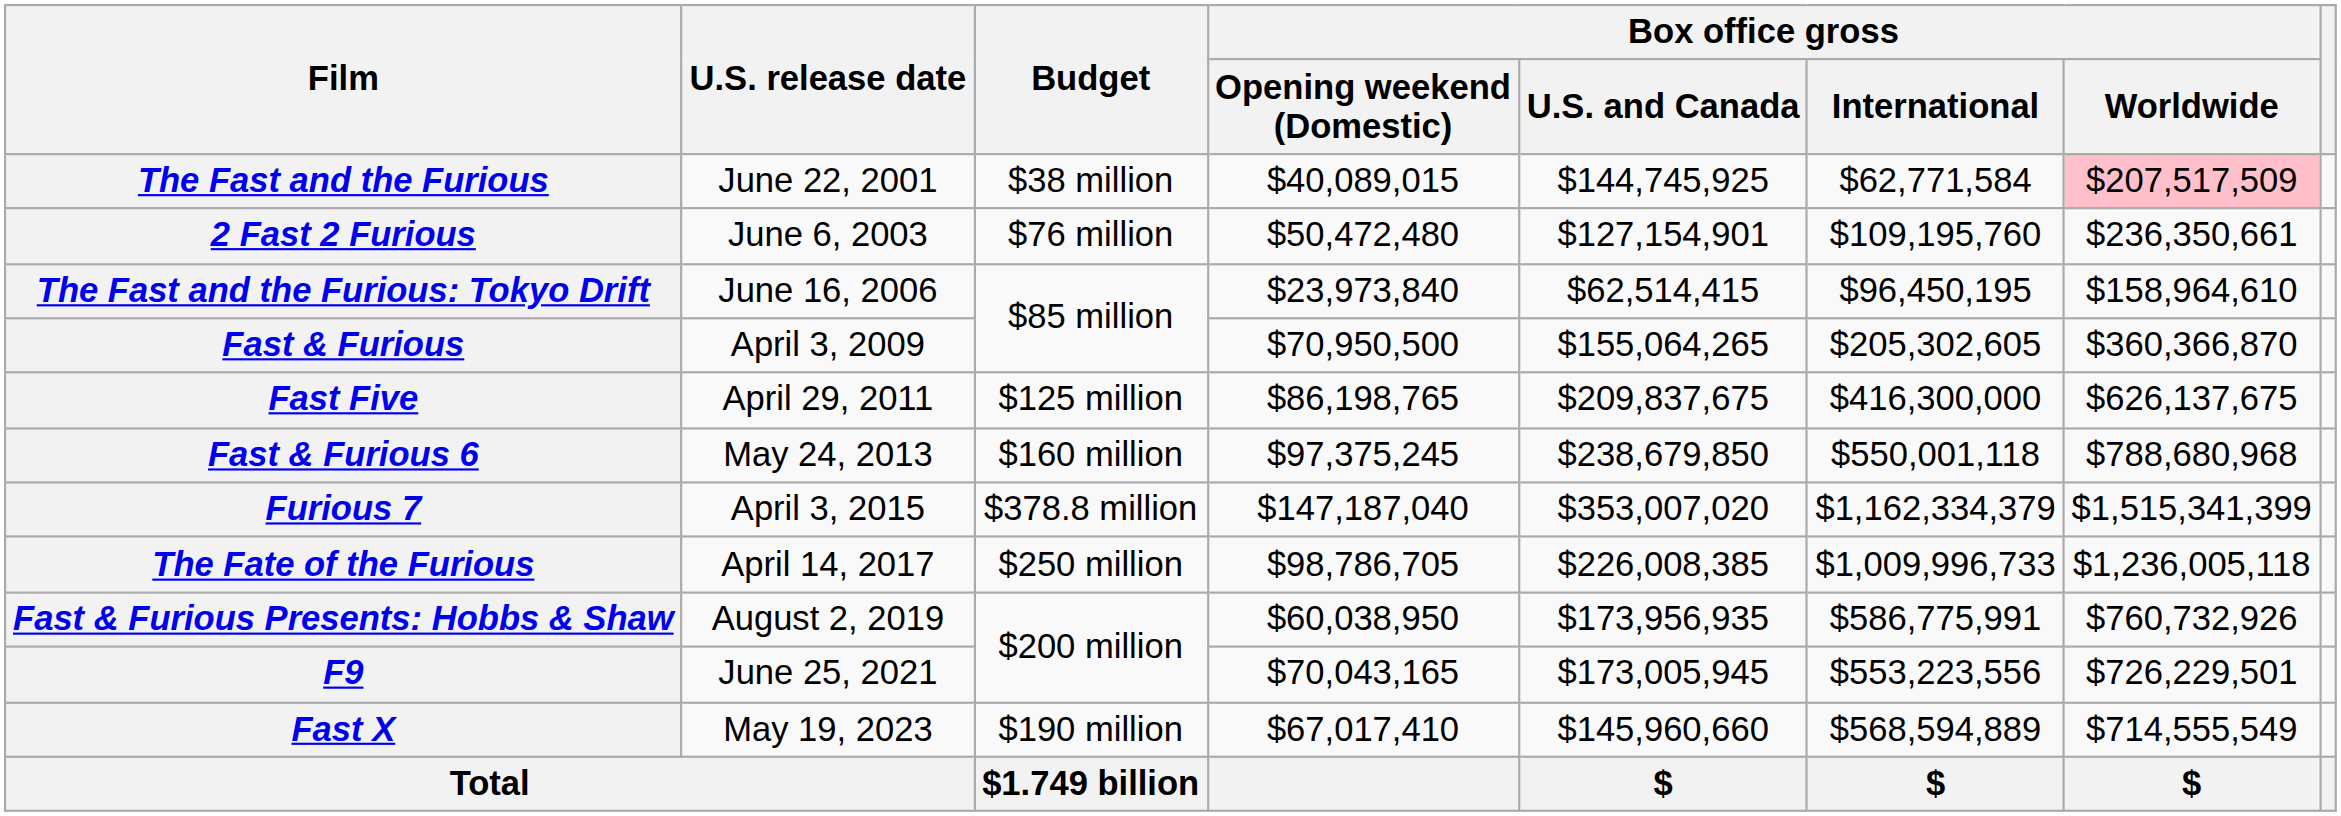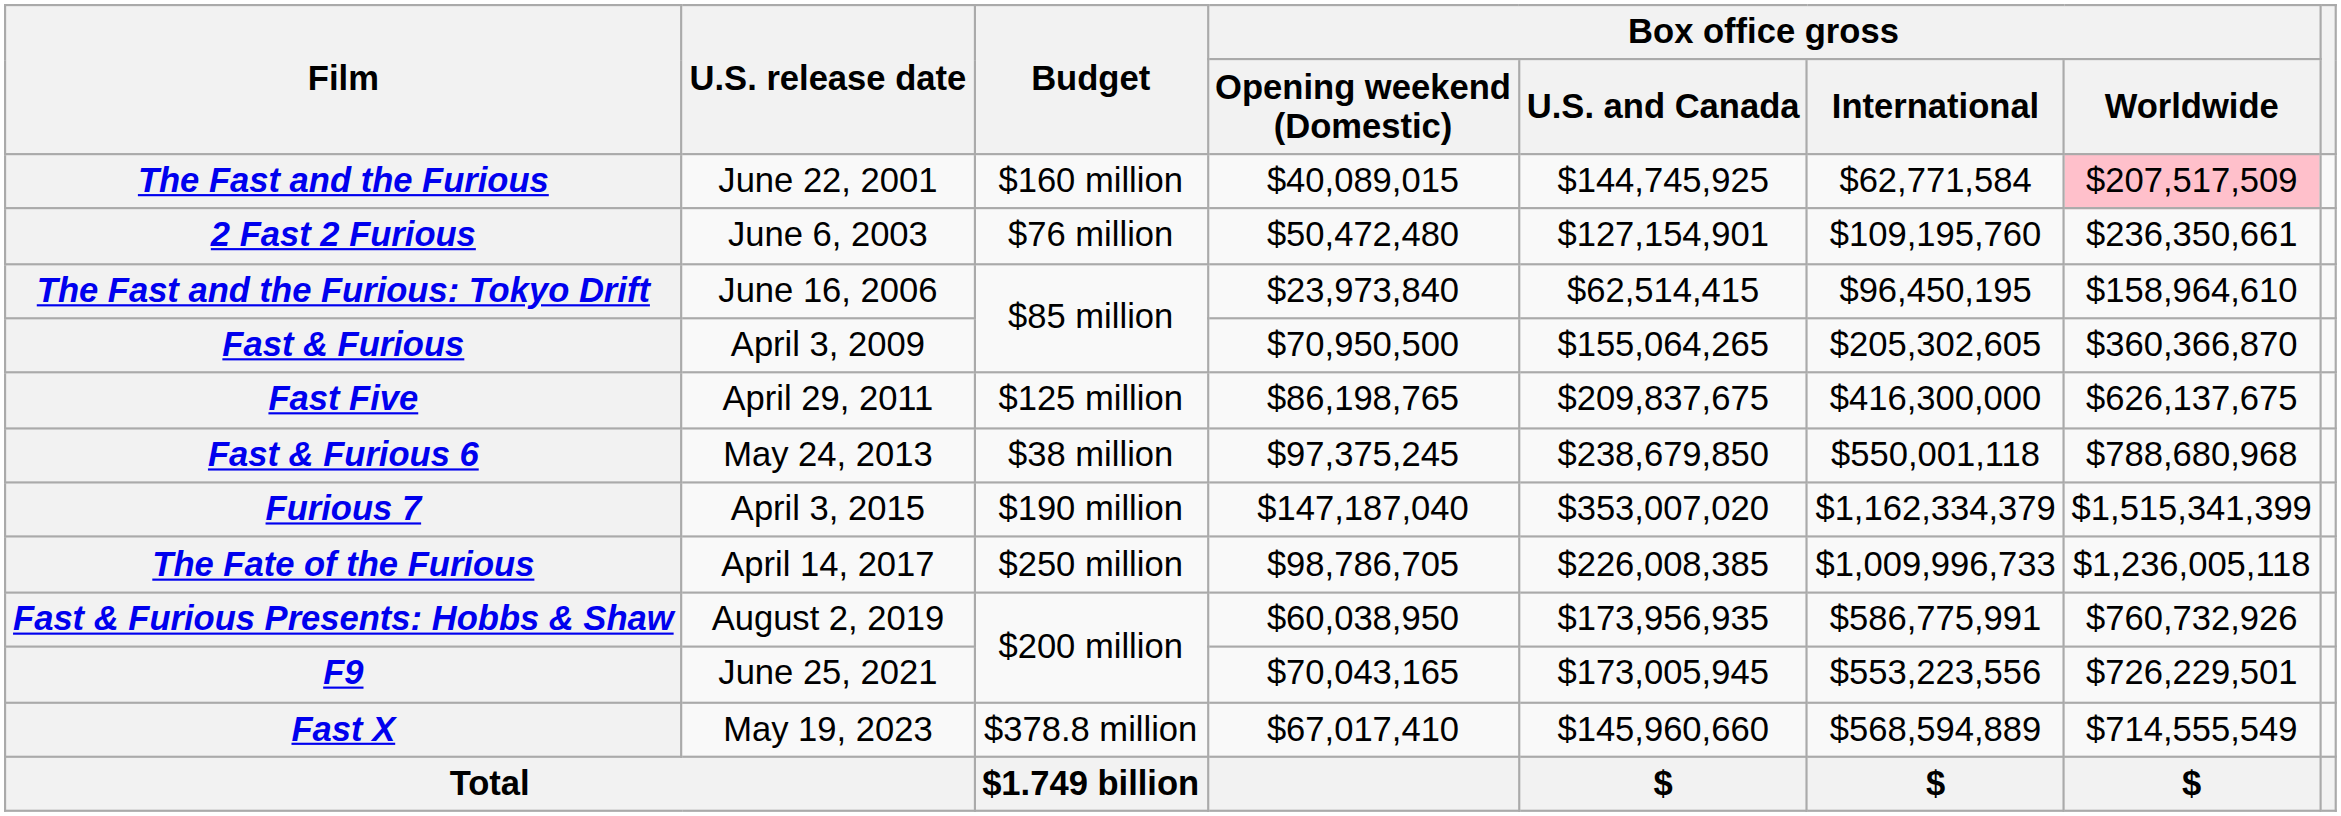 <table class="wikitable sortable plainrowheaders" style="text-align:center;">
 <tr>
 <th scope="col" rowspan="2">Film</th>
 <th scope="col" rowspan="2">U.S. release date</th>
 <th scope="col" rowspan="2">Budget</th>
 <th scope="colgroup" colspan="4">Box office gross</th>
 <th scope="col" rowspan="2" class=unsortable></th>
 </tr>
 <tr>
 <th scope="col">Opening weekend<br>(Domestic)</th>
 <th scope="col">U.S. and Canada</th>
 <th scope="col">International</th>
 <th scope="col">Worldwide</th>
 </tr>
 <tr>
 <th scope="row"><em><a href='#'>The Fast and the Furious</a></em></th>
 <td>June 22, 2001</td>
-<td>$38 million</td>
+<td>$160 million</td>
 <td>$40,089,015</td>
 <td>$144,745,925</td>
 <td>$62,771,584</td>
 <td style="background: pink;">$207,517,509</td>
 <td></td>
 </tr>
 <tr>
 <th scope="row"><em><a href='#'>2 Fast 2 Furious</a></em></th>
 <td>June 6, 2003</td>
 <td>$76 million</td>
 <td>$50,472,480</td>
 <td>$127,154,901</td>
 <td>$109,195,760</td>
 <td>$236,350,661</td>
 <td></td>
 </tr>
 <tr>
 <th scope="row"><em><a href='#'>The Fast and the Furious: Tokyo Drift</a></em></th>
 <td>June 16, 2006</td>
 <td rowspan="2">$85 million</td>
 <td>$23,973,840</td>
 <td>$62,514,415</td>
 <td>$96,450,195</td>
 <td>$158,964,610</td>
 <td></td>
 </tr>
 <tr>
 <th scope="row"><em><a href='#'>Fast & Furious</a></em></th>
 <td>April 3, 2009</td>
 <td>$70,950,500</td>
 <td>$155,064,265</td>
 <td>$205,302,605</td>
 <td>$360,366,870</td>
 <td></td>
 </tr>
 <tr>
 <th scope="row"><em><a href='#'>Fast Five</a></em></th>
 <td>April 29, 2011</td>
 <td>$125 million</td>
 <td>$86,198,765</td>
 <td>$209,837,675</td>
 <td>$416,300,000</td>
 <td>$626,137,675</td>
 <td></td>
 </tr>
 <tr>
 <th scope="row"><em><a href='#'>Fast & Furious 6</a></em></th>
 <td>May 24, 2013</td>
-<td>$160 million</td>
+<td>$38 million</td>
 <td>$97,375,245</td>
 <td>$238,679,850</td>
 <td>$550,001,118</td>
 <td>$788,680,968</td>
 <td></td>
 </tr>
 <tr>
 <th scope="row"><em><a href='#'>Furious 7</a></em></th>
 <td>April 3, 2015</td>
-<td>$378.8 million</td>
+<td>$190 million</td>
 <td>$147,187,040</td>
 <td>$353,007,020</td>
 <td>$1,162,334,379</td>
 <td>$1,515,341,399</td>
 <td></td>
 </tr>
 <tr>
 <th scope="row"><em><a href='#'>The Fate of the Furious</a></em></th>
 <td>April 14, 2017</td>
 <td>$250 million</td>
 <td>$98,786,705</td>
 <td>$226,008,385</td>
 <td>$1,009,996,733</td>
 <td>$1,236,005,118</td>
 <td></td>
 </tr>
 <tr>
 <th scope="row"><em><a href='#'>Fast & Furious Presents: Hobbs & Shaw</a></em></th>
 <td>August 2, 2019</td>
 <td rowspan="2">$200 million</td>
 <td>$60,038,950</td>
 <td>$173,956,935</td>
 <td>$586,775,991</td>
 <td>$760,732,926</td>
 <td></td>
 </tr>
 <tr>
 <th scope="row"><em><a href='#'>F9</a></em></th>
 <td>June 25, 2021</td>
 <td>$70,043,165</td>
 <td>$173,005,945</td>
 <td>$553,223,556</td>
 <td>$726,229,501</td>
 <td></td>
 </tr>
 <tr>
 <th scope="row"><em><a href='#'>Fast X</a></em></th>
 <td>May 19, 2023</td>
-<td>$190 million</td>
+<td>$378.8 million</td>
 <td>$67,017,410</td>
 <td>$145,960,660</td>
 <td>$568,594,889</td>
 <td>$714,555,549</td>
 <td></td>
 </tr>
 <tr>
 <th colspan="2">Total</th>
 <th>$1.749 billion</th>
 <th></th>
 <th>$</th>
 <th>$</th>
 <th>$</th>
 <th></th>
 </tr>
 </table>
